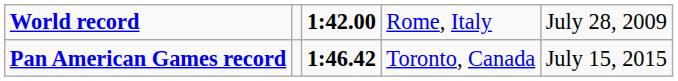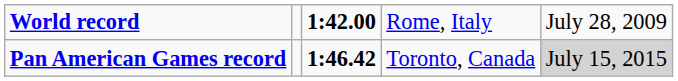 <table class="wikitable">
 <tr>
 <td><strong><a href='#'>World record</a></strong></td>
 <td></td>
 <td><strong>1:42.00</strong></td>
 <td><a href='#'>Rome</a>, <a href='#'>Italy</a></td>
 <td>July 28, 2009</td>
 </tr>
 <tr>
 <td><strong><a href='#'>Pan American Games record</a></strong></td>
 <td></td>
 <td><strong>1:46.42</strong></td>
 <td><a href='#'>Toronto</a>, <a href='#'>Canada</a></td>
-<td>July 15, 2015</td>
+<td style="background: lightgrey;">July 15, 2015</td>
 </tr>
 </table>
